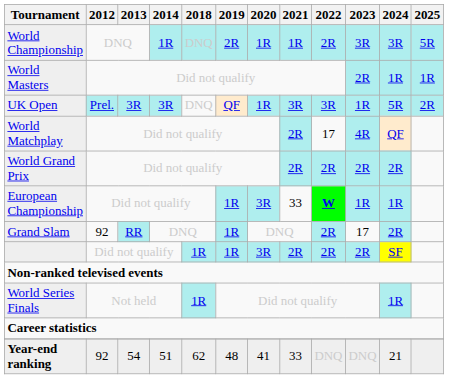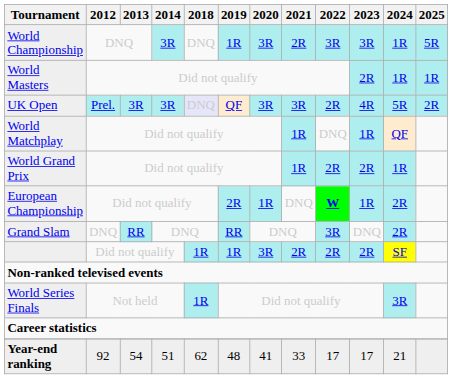 <table class="wikitable" style="width:20%; margin:0">
 <tr>
 <th>Tournament</th>
 <th>2012</th>
 <th>2013</th>
 <th>2014</th>
 <th>2018</th>
 <th>2019</th>
 <th>2020</th>
 <th>2021</th>
 <th>2022</th>
 <th>2023</th>
 <th>2024</th>
 <th>2025</th>
 </tr>
 <tr>
 <td style="background:#efefef;"><a href='#'>World Championship</a></td>
 <td colspan="2" style="text-align:center; color:#ccc;">DNQ</td>
+<td style="text-align:center; background:#afeeee;"><a href='#'>3R</a></td>
+<td style="text-align:center; color:#ccc;">DNQ</td>
 <td style="text-align:center; background:#afeeee;"><a href='#'>1R</a></td>
-<td style="background: paleturquoise; text-align:center; color:#ccc;">DNQ</td>
-<td style="text-align:center; background:#afeeee;"><a href='#'>2R</a></td>
-<td style="text-align:center; background:#afeeee;"><a href='#'>1R</a></td>
-<td style="text-align:center; background:#afeeee;"><a href='#'>1R</a></td>
+<td style="text-align:center; background:#afeeee;"><a href='#'>3R</a></td>
 <td style="text-align:center; background:#afeeee;"><a href='#'>2R</a></td>
 <td style="text-align:center; background:#afeeee;"><a href='#'>3R</a></td>
 <td style="text-align:center; background:#afeeee;"><a href='#'>3R</a></td>
+<td style="text-align:center; background:#afeeee;"><a href='#'>1R</a></td>
 <td style="text-align:center; background:#afeeee;"><a href='#'>5R</a></td>
 </tr>
 <tr>
 <td style="background:#efefef;"><a href='#'>World Masters</a></td>
 <td colspan="8" style="text-align:center; color:#ccc;">Did not qualify</td>
 <td style="text-align:center; background:#afeeee;"><a href='#'>2R</a></td>
 <td style="text-align:center; background:#afeeee;"><a href='#'>1R</a></td>
 <td style="text-align:center; background:#afeeee;"><a href='#'>1R</a></td>
 </tr>
 <tr>
 <td style="background:#efefef;"><a href='#'>UK Open</a></td>
 <td style="text-align:center; background:#afeeee;"><a href='#'>Prel.</a></td>
 <td style="text-align:center; background:#afeeee;"><a href='#'>3R</a></td>
 <td style="text-align:center; background:#afeeee;"><a href='#'>3R</a></td>
-<td style="text-align:center; color:#ccc;">DNQ</td>
+<td style="background: lavender; text-align:center; color:#ccc;">DNQ</td>
 <td style="text-align:center; background:#ffebcd;"><a href='#'>QF</a></td>
-<td style="text-align:center; background:#afeeee;"><a href='#'>1R</a></td>
 <td style="text-align:center; background:#afeeee;"><a href='#'>3R</a></td>
 <td style="text-align:center; background:#afeeee;"><a href='#'>3R</a></td>
-<td style="text-align:center; background:#afeeee;"><a href='#'>1R</a></td>
+<td style="text-align:center; background:#afeeee;"><a href='#'>2R</a></td>
+<td style="text-align:center; background:#afeeee;"><a href='#'>4R</a></td>
 <td style="text-align:center; background:#afeeee;"><a href='#'>5R</a></td>
 <td style="text-align:center; background:#afeeee;"><a href='#'>2R</a></td>
 </tr>
 <tr>
 <td style="background:#efefef;"><a href='#'>World Matchplay</a></td>
 <td colspan="6" style="text-align:center; color:#ccc;">Did not qualify</td>
-<td style="text-align:center; background:#afeeee;"><a href='#'>2R</a></td>
-<td style="text-align:center;">17</td>
-<td style="text-align:center; background:#afeeee;"><a href='#'>4R</a></td>
+<td style="text-align:center; background:#afeeee;"><a href='#'>1R</a></td>
+<td style="text-align:center; color:#ccc;">DNQ</td>
+<td style="text-align:center; background:#afeeee;"><a href='#'>1R</a></td>
 <td style="text-align: center; background:#ffebcd;"><a href='#'>QF</a></td>
 <td></td>
 </tr>
 <tr>
 <td style="background:#efefef;"><a href='#'>World Grand Prix</a></td>
 <td colspan="6" style="text-align:center; color:#ccc;">Did not qualify</td>
+<td style="text-align:center; background:#afeeee;"><a href='#'>1R</a></td>
 <td style="text-align:center; background:#afeeee;"><a href='#'>2R</a></td>
 <td style="text-align:center; background:#afeeee;"><a href='#'>2R</a></td>
-<td style="text-align:center; background:#afeeee;"><a href='#'>2R</a></td>
-<td style="text-align:center; background:#afeeee;"><a href='#'>2R</a></td>
+<td style="text-align:center; background:#afeeee;"><a href='#'>1R</a></td>
 <td></td>
 </tr>
 <tr>
 <td style="background:#efefef;"><a href='#'>European Championship</a></td>
 <td colspan="4" style="text-align:center; color:#ccc;">Did not qualify</td>
+<td style="text-align:center; background:#afeeee;"><a href='#'>2R</a></td>
 <td style="text-align:center; background:#afeeee;"><a href='#'>1R</a></td>
-<td style="text-align:center; background:#afeeee;"><a href='#'>3R</a></td>
-<td style="text-align:center;">33</td>
+<td style="text-align:center; color:#ccc;">DNQ</td>
 <td style="text-align:center; background:lime;"><a href='#'><strong>W</strong></a></td>
 <td style="text-align:center; background:#afeeee;"><a href='#'>1R</a></td>
-<td style="text-align:center; background:#afeeee;"><a href='#'>1R</a></td>
+<td style="text-align:center; background:#afeeee;"><a href='#'>2R</a></td>
 <td></td>
 </tr>
 <tr>
 <td style="background:#efefef;"><a href='#'>Grand Slam</a></td>
-<td style="text-align:center;">92</td>
+<td style="text-align:center; color:#ccc;">DNQ</td>
 <td style="text-align:center; background:#afeeee;"><a href='#'>RR</a></td>
 <td colspan="2" style="text-align:center; color:#ccc;">DNQ</td>
-<td style="text-align:center; background:#afeeee;"><a href='#'>1R</a></td>
+<td style="text-align:center; background:#afeeee;"><a href='#'>RR</a></td>
 <td colspan="2" style="text-align:center; color:#ccc;">DNQ</td>
-<td style="text-align:center; background:#afeeee;"><a href='#'>2R</a></td>
-<td style="text-align:center;">17</td>
+<td style="text-align:center; background:#afeeee;"><a href='#'>3R</a></td>
+<td style="text-align:center; color:#ccc;">DNQ</td>
 <td style="text-align:center; background:#afeeee;"><a href='#'>2R</a></td>
 <td></td>
 </tr>
 <tr>
 <td style="background:#efefef;"></td>
 <td colspan="3" style="text-align:center; color:#ccc;">Did not qualify</td>
 <td style="text-align:center; background:#afeeee;"><a href='#'>1R</a></td>
 <td style="text-align:center; background:#afeeee;"><a href='#'>1R</a></td>
 <td style="text-align:center; background:#afeeee;"><a href='#'>3R</a></td>
 <td style="text-align:center; background:#afeeee;"><a href='#'>2R</a></td>
 <td style="text-align:center; background:#afeeee;"><a href='#'>2R</a></td>
 <td style="text-align:center; background:#afeeee;"><a href='#'>2R</a></td>
 <td style="text-align:center; background:yellow;"><a href='#'>SF</a></td>
 <td></td>
 </tr>
 <tr>
 <td colspan="15" align="left"><strong>Non-ranked televised events</strong></td>
 </tr>
 <tr>
 <td style="background:#efefef;"><a href='#'>World Series Finals</a></td>
 <td colspan="3" style="text-align:center; color:#ccc;">Not held</td>
 <td style="text-align:center; background:#afeeee;"><a href='#'>1R</a></td>
 <td colspan="5" style="text-align:center; color:#ccc;">Did not qualify</td>
-<td style="text-align:center; background:#afeeee;"><a href='#'>1R</a></td>
+<td style="text-align:center; background:#afeeee;"><a href='#'>3R</a></td>
 <td></td>
 </tr>
 <tr>
 <td colspan="15" align="left"><strong>Career statistics</strong></td>
 </tr>
 <tr>
 </tr>
 <tr bgcolor="efefef">
 <td align="left"><strong>Year-end ranking</strong></td>
 <td style="text-align:center;">92</td>
 <td style="text-align:center;">54</td>
 <td style="text-align:center;">51</td>
 <td style="text-align:center;">62</td>
 <td style="text-align:center;">48</td>
 <td style="text-align:center;">41</td>
 <td style="text-align:center;">33</td>
-<td style="text-align:center; color:#ccc;">DNQ</td>
-<td style="text-align:center; color:#ccc;">DNQ</td>
+<td style="text-align:center;">17</td>
+<td style="text-align:center;">17</td>
 <td style="text-align:center;">21</td>
 <td></td>
 </tr>
 </table>
